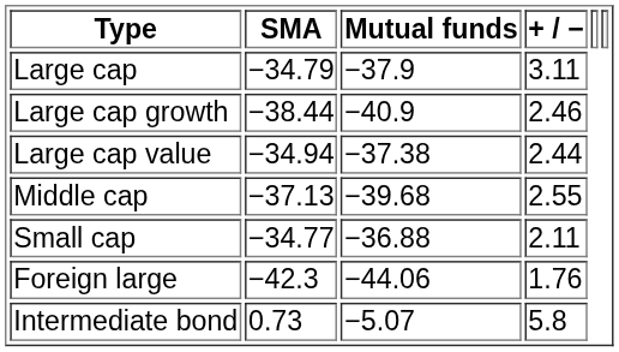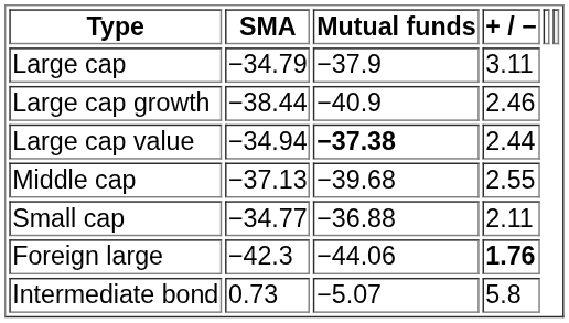 <table border="1">
 <tr>
 <th>Type</th>
 <th>SMA</th>
 <th>Mutual funds</th>
 <th>+ / −</th>
 <td></td>
 <td align="right" style="background:#f0f0f0;"></td>
 </tr>
 <tr>
 <td>Large cap</td>
 <td>−34.79</td>
 <td>−37.9</td>
 <td>3.11</td>
 </tr>
 <tr>
 <td>Large cap growth</td>
 <td>−38.44</td>
 <td>−40.9</td>
 <td>2.46</td>
 </tr>
 <tr>
 <td>Large cap value</td>
 <td>−34.94</td>
-<td>−37.38</td>
+<td><strong>−37.38</strong></td>
 <td>2.44</td>
 </tr>
 <tr>
 <td>Middle cap</td>
 <td>−37.13</td>
 <td>−39.68</td>
 <td>2.55</td>
 </tr>
 <tr>
 <td>Small cap</td>
 <td>−34.77</td>
 <td>−36.88</td>
 <td>2.11</td>
 </tr>
 <tr>
 <td>Foreign large</td>
 <td>−42.3</td>
 <td>−44.06</td>
-<td>1.76</td>
+<td><strong>1.76</strong></td>
 </tr>
 <tr>
 <td>Intermediate bond</td>
 <td>0.73</td>
 <td>−5.07</td>
 <td>5.8</td>
 </tr>
 </table>
